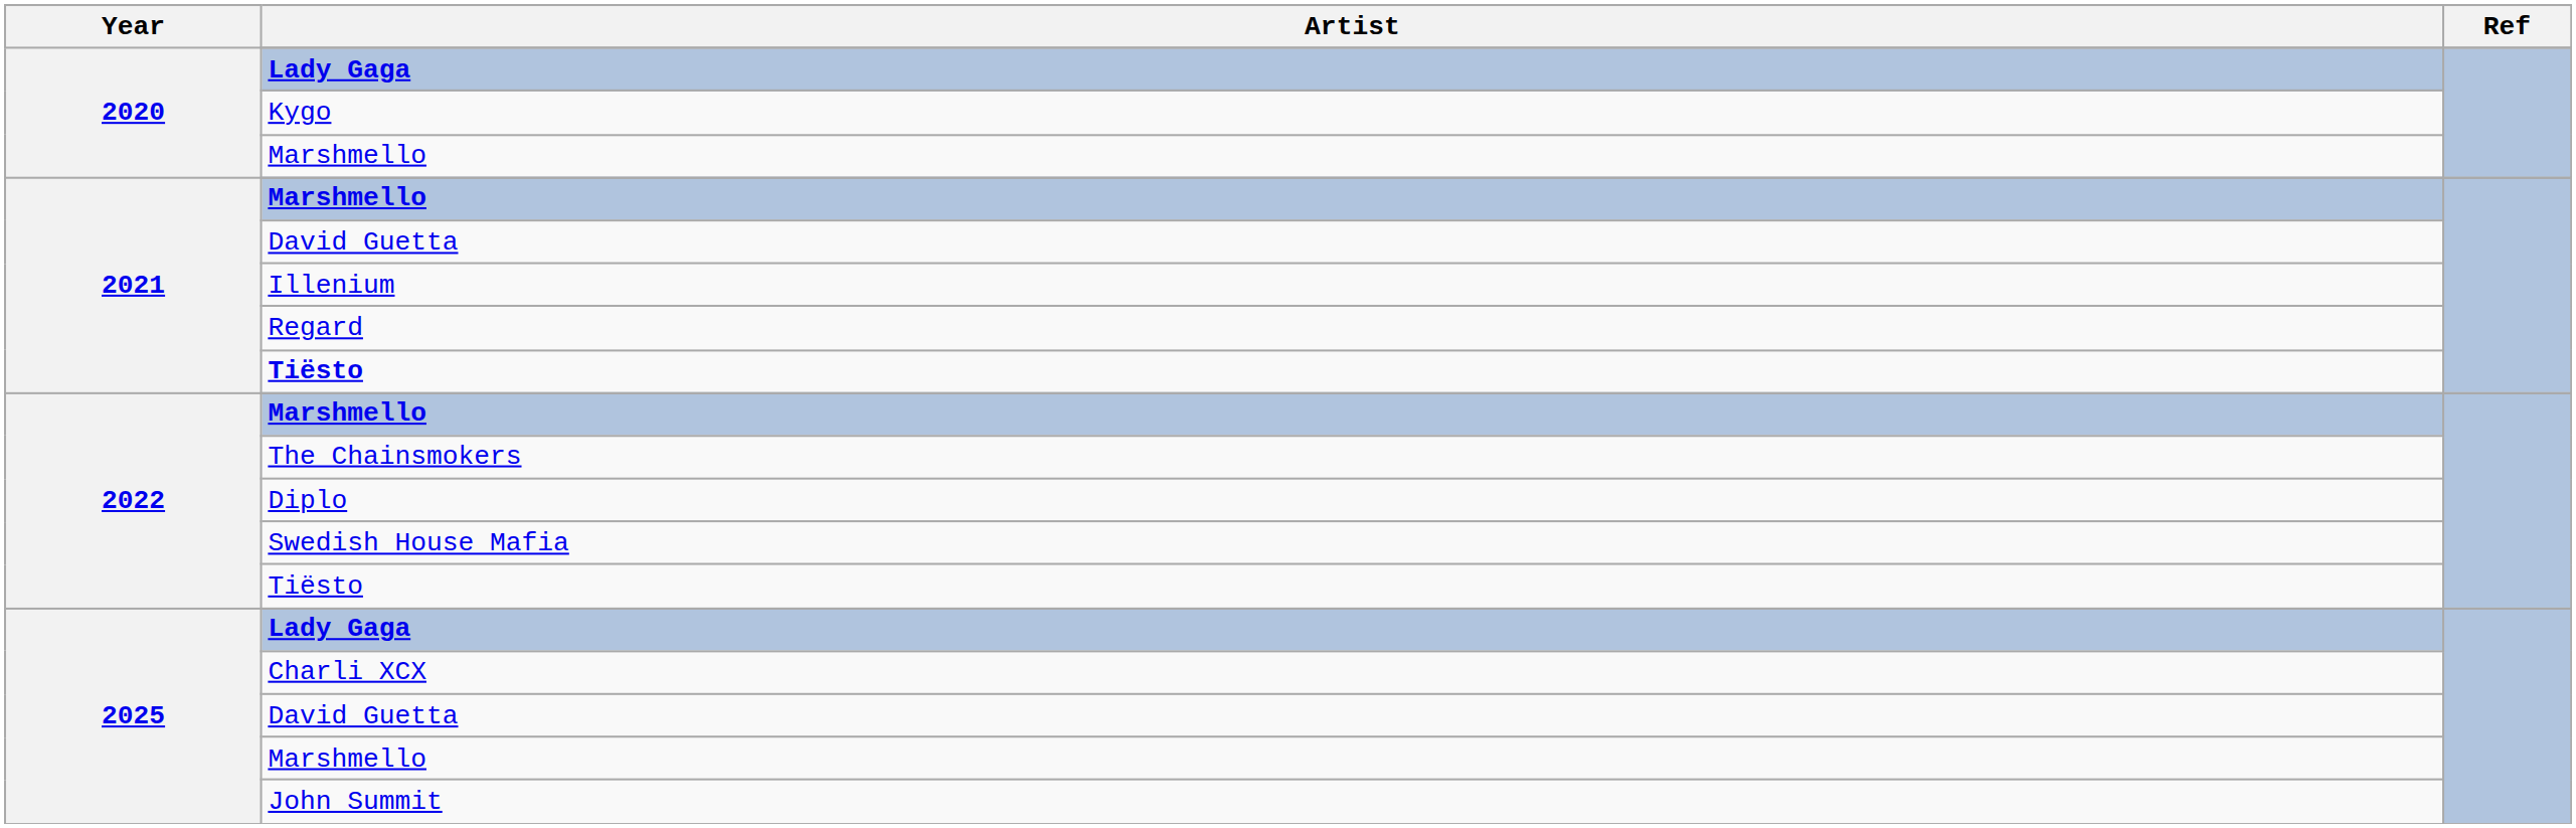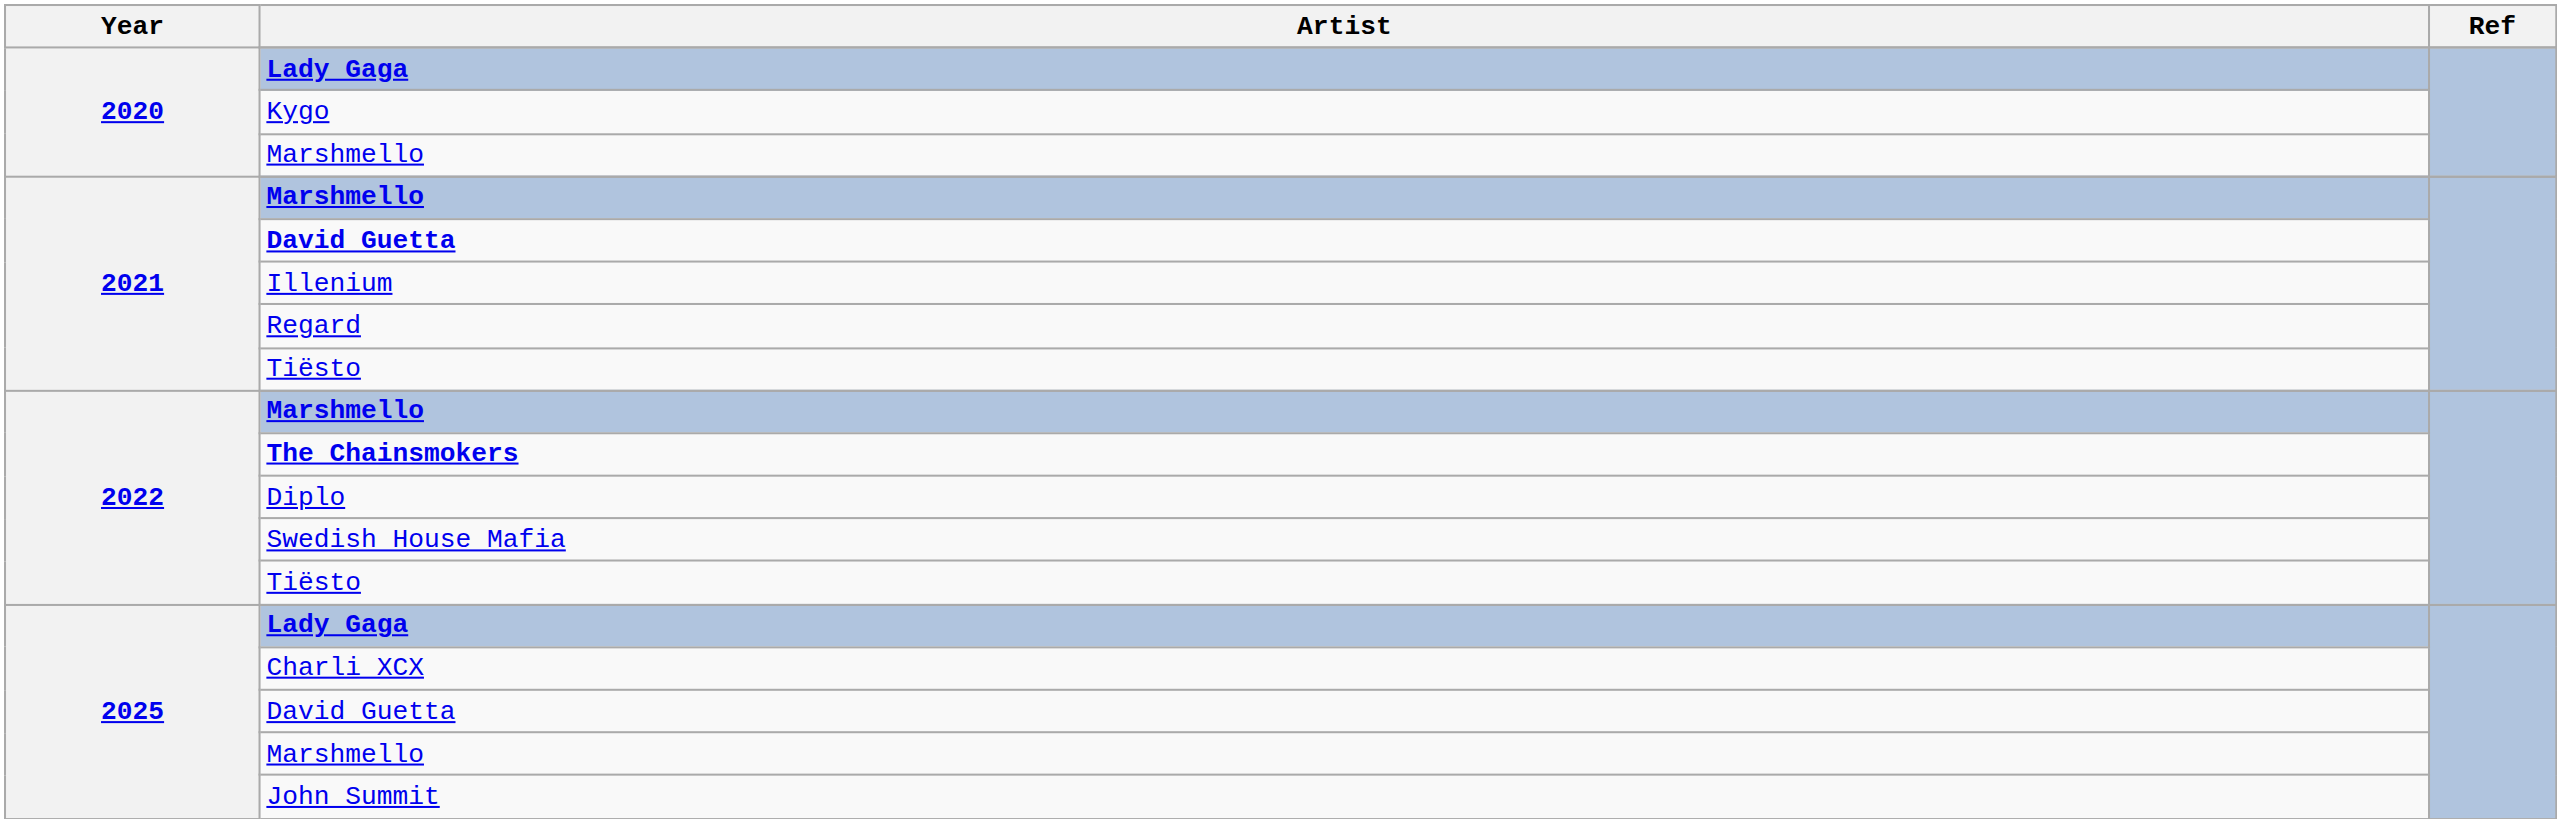 <table class="wikitable" width="100%">
 <tr>
 <th width="10%">Year</th>
 <th width="85%">Artist</th>
 <th width="5%">Ref</th>
 </tr>
 <tr>
 <th rowspan="4" align="center"><a href='#'>2020<br></a></th>
 </tr>
 <tr style="background:#B0C4DE">
 <td><strong><a href='#'>Lady Gaga</a></strong></td>
 <td rowspan=3 align="center"></td>
 </tr>
 <tr>
 <td><a href='#'>Kygo</a></td>
 </tr>
 <tr>
 <td><a href='#'>Marshmello</a></td>
 </tr>
 <tr>
 <th rowspan="6" align="center"><a href='#'>2021<br></a></th>
 </tr>
 <tr style="background:#B0C4DE">
 <td><strong><a href='#'>Marshmello</a></strong></td>
 <td rowspan=5 align="center"></td>
 </tr>
 <tr>
-<td><a href='#'>David Guetta</a></td>
+<td><strong><a href='#'>David Guetta</a></strong></td>
 </tr>
 <tr>
 <td><a href='#'>Illenium</a></td>
 </tr>
 <tr>
 <td><a href='#'>Regard</a></td>
 </tr>
 <tr>
-<td><strong><a href='#'>Tiësto</a></strong></td>
+<td><a href='#'>Tiësto</a></td>
 </tr>
 <tr>
 <th rowspan="6" align="center"><a href='#'>2022<br></a></th>
 </tr>
 <tr style="background:#B0C4DE">
 <td><strong><a href='#'>Marshmello</a></strong></td>
 <td rowspan=5 align="center"></td>
 </tr>
 <tr>
-<td><a href='#'>The Chainsmokers</a></td>
+<td><strong><a href='#'>The Chainsmokers</a></strong></td>
 </tr>
 <tr>
 <td><a href='#'>Diplo</a></td>
 </tr>
 <tr>
 <td><a href='#'>Swedish House Mafia</a></td>
 </tr>
 <tr>
 <td><a href='#'>Tiësto</a></td>
 </tr>
 <tr>
 <th rowspan="6" align="center"><a href='#'>2025<br></a></th>
 </tr>
 <tr style="background:#B0C4DE">
 <td><strong><a href='#'>Lady Gaga</a></strong></td>
 <td rowspan=5 align="center"></td>
 </tr>
 <tr>
 <td><a href='#'>Charli XCX</a></td>
 </tr>
 <tr>
 <td><a href='#'>David Guetta</a></td>
 </tr>
 <tr>
 <td><a href='#'>Marshmello</a></td>
 </tr>
 <tr>
 <td><a href='#'>John Summit</a></td>
 </tr>
 </table>
